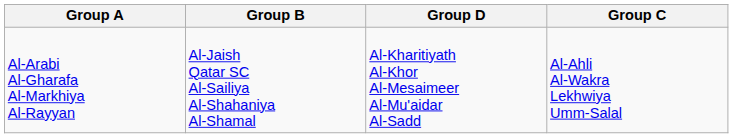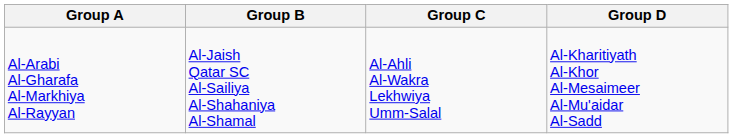 <table class="wikitable" width=90%>
 <tr>
 <th width=20%>Group A</th>
 <th width=20%>Group B</th>
+<th width=20%>Group C</th>
 <th width=20%>Group D</th>
-<th width=20%>Group C</th>
 </tr>
 <tr>
 <td><br><a href='#'>Al-Arabi</a> <br> <a href='#'>Al-Gharafa</a> <br> <a href='#'>Al-Markhiya</a> <br> <a href='#'>Al-Rayyan</a> <br></td>
 <td><br><a href='#'>Al-Jaish</a> <br> <a href='#'>Qatar SC</a> <br> <a href='#'>Al-Sailiya</a> <br> <a href='#'>Al-Shahaniya</a>  <br> <a href='#'>Al-Shamal</a> <br></td>
+<td><br><a href='#'>Al-Ahli</a> <br> <a href='#'>Al-Wakra</a> <br> <a href='#'>Lekhwiya</a> <br> <a href='#'>Umm-Salal</a> <br></td>
 <td><br><a href='#'>Al-Kharitiyath</a> <br> <a href='#'>Al-Khor</a> <br> <a href='#'>Al-Mesaimeer</a> <br> <a href='#'>Al-Mu'aidar</a> <br> <a href='#'>Al-Sadd</a> <br></td>
-<td><br><a href='#'>Al-Ahli</a> <br> <a href='#'>Al-Wakra</a> <br> <a href='#'>Lekhwiya</a> <br> <a href='#'>Umm-Salal</a> <br></td>
 </tr>
 </table>
